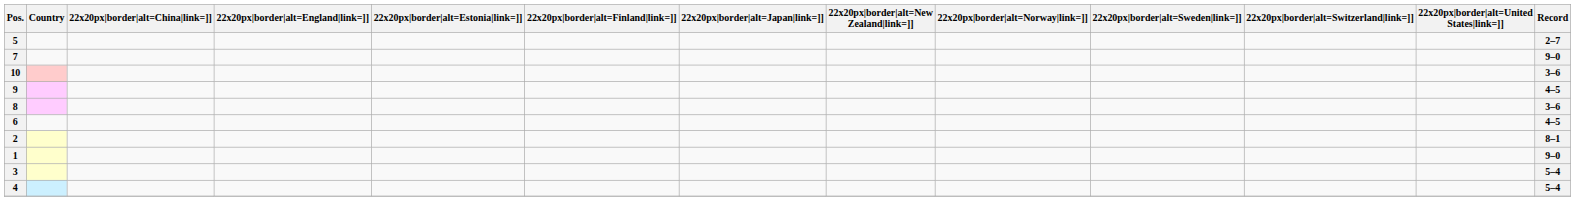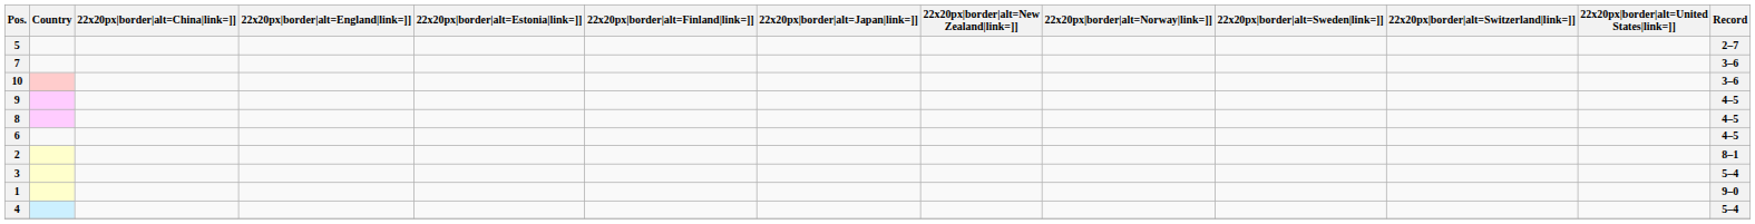 <table class="wikitable sortable nowrap" style="text-align:center; font-size:0.9em">
 <tr>
 <th>Pos.</th>
 <th>Country</th>
 <th [[Image:>22x20px|border|alt=China|link=]]</th>
 <th [[Image:>22x20px|border|alt=England|link=]]</th>
 <th [[Image:>22x20px|border|alt=Estonia|link=]]</th>
 <th [[Image:>22x20px|border|alt=Finland|link=]]</th>
 <th [[Image:>22x20px|border|alt=Japan|link=]]</th>
 <th [[Image:>22x20px|border|alt=New Zealand|link=]]</th>
 <th [[Image:>22x20px|border|alt=Norway|link=]]</th>
 <th [[Image:>22x20px|border|alt=Sweden|link=]]</th>
 <th [[Image:>22x20px|border|alt=Switzerland|link=]]</th>
 <th [[Image:>22x20px|border|alt=United States|link=]]</th>
 <th>Record</th>
 </tr>
 <tr>
 <th>5</th>
 <td style="text-align:left;"></td>
 <td></td>
 <td></td>
 <td></td>
 <td></td>
 <td></td>
 <td></td>
 <td></td>
 <td></td>
 <td></td>
 <td></td>
 <th>2–7</th>
 </tr>
 <tr>
 <th>7</th>
 <td style="text-align:left;"></td>
 <td></td>
 <td></td>
 <td></td>
 <td></td>
 <td></td>
 <td></td>
 <td></td>
 <td></td>
 <td></td>
 <td></td>
-<th>9–0</th>
+<th>3–6</th>
 </tr>
 <tr>
 <th>10</th>
 <td style="text-align:left; background:#fcc;"></td>
 <td></td>
 <td></td>
 <td></td>
 <td></td>
 <td></td>
 <td></td>
 <td></td>
 <td></td>
 <td></td>
 <td></td>
 <th>3–6</th>
 </tr>
 <tr>
 <th>9</th>
 <td style="text-align:left; background:#fcf;"></td>
 <td></td>
 <td></td>
 <td></td>
 <td></td>
 <td></td>
 <td></td>
 <td></td>
 <td></td>
 <td></td>
 <td></td>
 <th>4–5</th>
 </tr>
 <tr>
 <th>8</th>
 <td style="text-align:left; background:#fcf;"></td>
 <td></td>
 <td></td>
 <td></td>
 <td></td>
 <td></td>
 <td></td>
 <td></td>
 <td></td>
 <td></td>
 <td></td>
-<th>3–6</th>
+<th>4–5</th>
 </tr>
 <tr>
 <th>6</th>
 <td style="text-align:left;"></td>
 <td></td>
 <td></td>
 <td></td>
 <td></td>
 <td></td>
 <td></td>
 <td></td>
 <td></td>
 <td></td>
 <td></td>
 <th>4–5</th>
 </tr>
 <tr>
 <th>2</th>
 <td style="text-align:left; background:#ffffcc;"></td>
 <td></td>
 <td></td>
 <td></td>
 <td></td>
 <td></td>
 <td></td>
 <td></td>
 <td></td>
 <td></td>
 <td></td>
 <th>8–1</th>
 </tr>
 <tr>
+<th>3</th>
+<td style="text-align:left; background:#ffffcc;"></td>
+<td></td>
+<td></td>
+<td></td>
+<td></td>
+<td></td>
+<td></td>
+<td></td>
+<td></td>
+<td></td>
+<td></td>
+<th>5–4</th>
+</tr>
+<tr>
 <th>1</th>
 <td style="text-align:left; background:#ffffcc;"></td>
 <td></td>
 <td></td>
 <td></td>
 <td></td>
 <td></td>
 <td></td>
 <td></td>
 <td></td>
 <td></td>
 <td></td>
 <th>9–0</th>
-</tr>
-<tr>
-<th>3</th>
-<td style="text-align:left; background:#ffffcc;"></td>
-<td></td>
-<td></td>
-<td></td>
-<td></td>
-<td></td>
-<td></td>
-<td></td>
-<td></td>
-<td></td>
-<td></td>
-<th>5–4</th>
 </tr>
 <tr>
 <th>4</th>
 <td style="text-align:left; background:#ccf0ff"></td>
 <td></td>
 <td></td>
 <td></td>
 <td></td>
 <td></td>
 <td></td>
 <td></td>
 <td></td>
 <td></td>
 <td></td>
 <th>5–4</th>
 </tr>
 <tr>
 </tr>
 </table>
